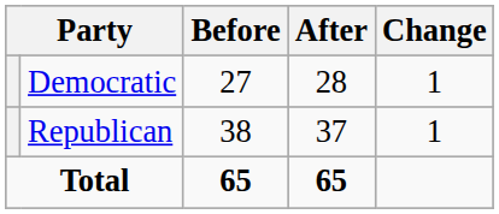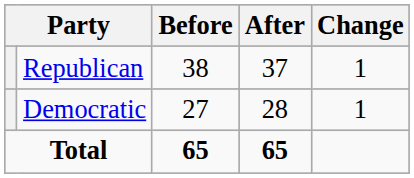 <table class="wikitable" style="text-align:center;">
 <tr>
 <th colspan="2">Party</th>
 <th>Before</th>
 <th>After</th>
 <th>Change</th>
 </tr>
 <tr>
 <th style="background-color:"></th>
-<td style="text-align:left;"><a href='#'>Democratic</a></td>
-<td>27</td>
-<td>28</td>
+<td style="text-align:left;"><a href='#'>Republican</a></td>
+<td>38</td>
+<td>37</td>
 <td> 1</td>
 </tr>
 <tr>
 <th style="background-color:"></th>
-<td style="text-align:left;"><a href='#'>Republican</a></td>
-<td>38</td>
-<td>37</td>
+<td style="text-align:left;"><a href='#'>Democratic</a></td>
+<td>27</td>
+<td>28</td>
 <td> 1</td>
 </tr>
 <tr>
 <td colspan="2"><strong>Total</strong></td>
 <td><strong>65</strong></td>
 <td><strong>65</strong></td>
 <td></td>
 </tr>
 </table>
